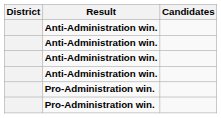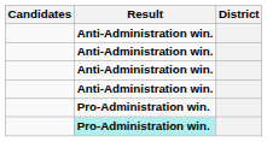 <table class=wikitable>
 <tr valign=bottom>
+<th>Candidates</th>
+<th>Result</th>
 <th>District</th>
-<th>Result</th>
-<th>Candidates</th>
 </tr>
 <tr>
+<td nowrap></td>
+<td><strong>Anti-Administration win.</strong></td>
 <th></th>
-<td><strong>Anti-Administration win.</strong></td>
-<td nowrap></td>
 </tr>
 <tr>
+<td nowrap></td>
+<td><strong>Anti-Administration win.</strong></td>
 <th></th>
-<td><strong>Anti-Administration win.</strong></td>
-<td nowrap></td>
 </tr>
 <tr>
+<td nowrap></td>
+<td><strong>Anti-Administration win.</strong></td>
 <th></th>
-<td><strong>Anti-Administration win.</strong></td>
-<td nowrap></td>
 </tr>
 <tr>
+<td nowrap></td>
+<td><strong>Anti-Administration win.</strong></td>
 <th></th>
-<td><strong>Anti-Administration win.</strong></td>
-<td nowrap></td>
 </tr>
 <tr>
+<td nowrap></td>
+<td><strong>Pro-Administration win.</strong></td>
 <th></th>
-<td><strong>Pro-Administration win.</strong></td>
-<td nowrap></td>
 </tr>
 <tr>
+<td nowrap></td>
+<td style="background: paleturquoise;"><strong>Pro-Administration win.</strong></td>
 <th></th>
-<td><strong>Pro-Administration win.</strong></td>
-<td nowrap></td>
 </tr>
 </table>
